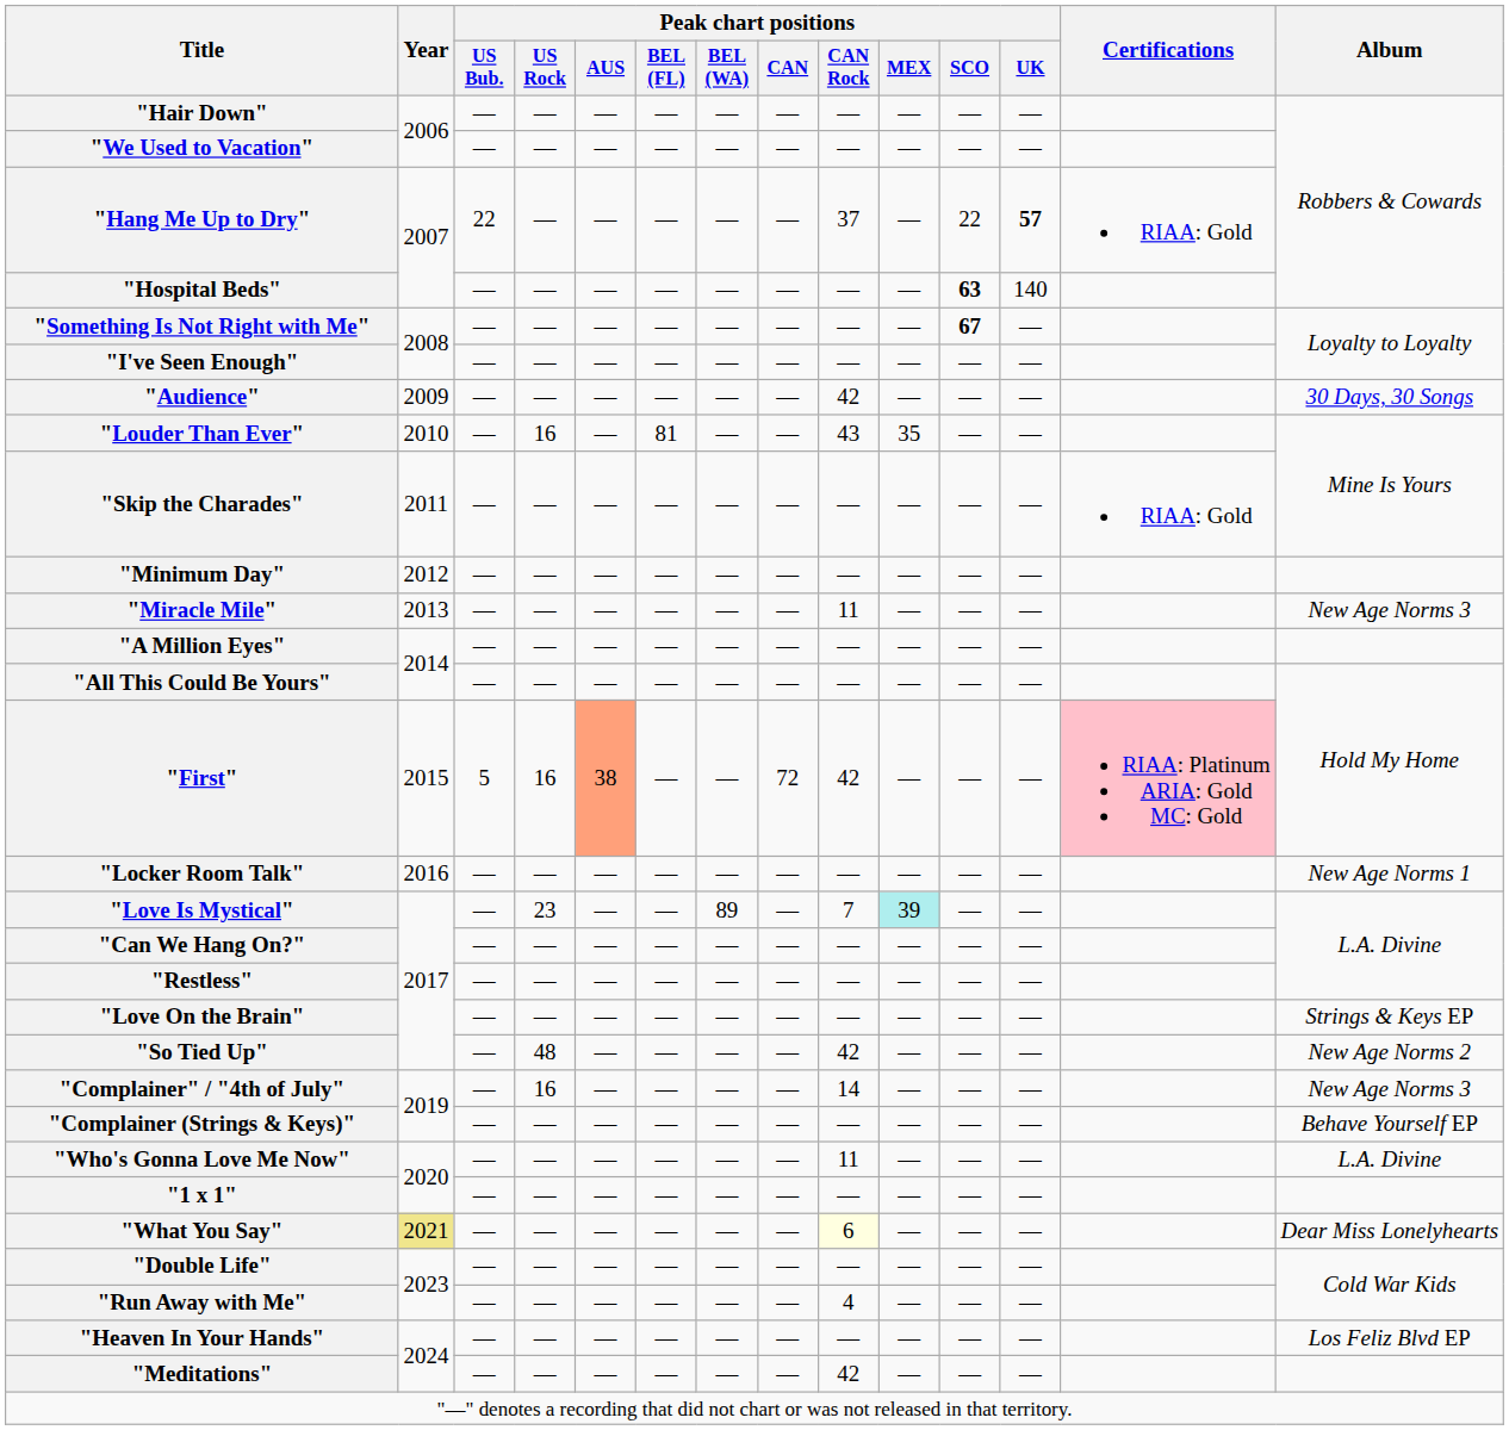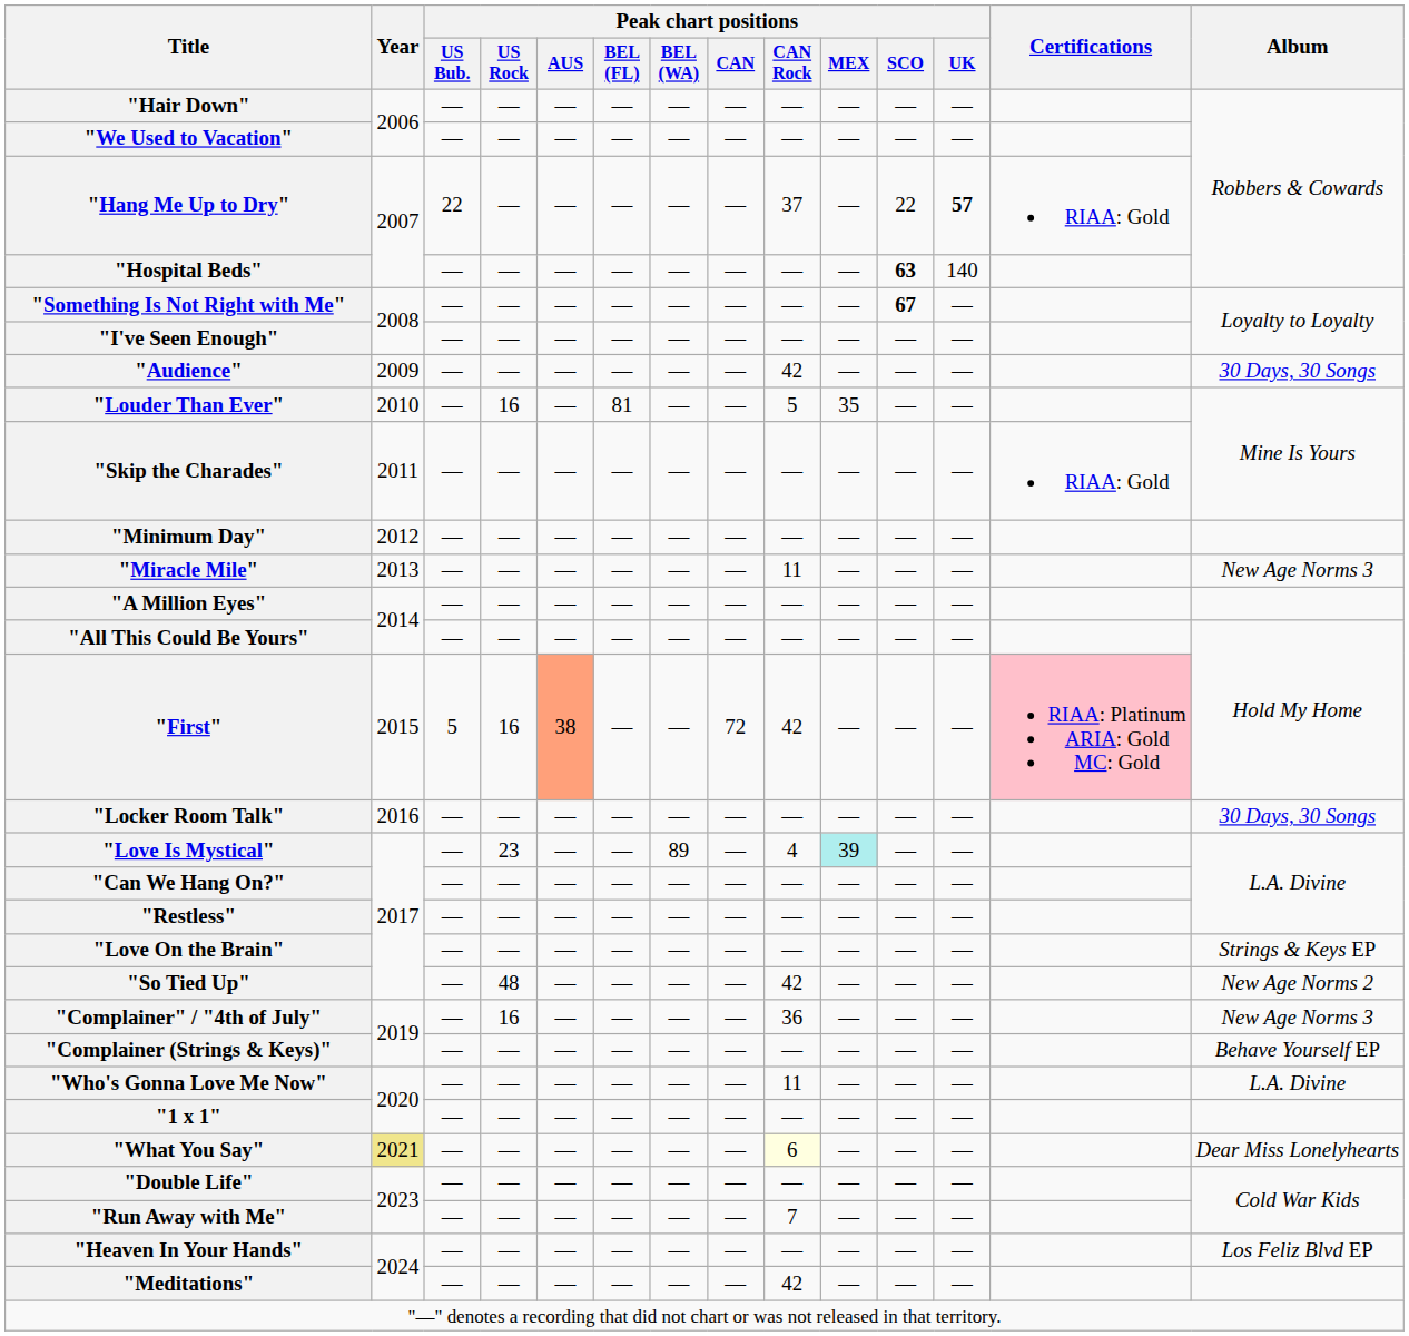 <table class="wikitable plainrowheaders" style="text-align:center;">
 <tr>
 <th scope="col" rowspan="2" style="width:17em;">Title</th>
 <th scope="col" rowspan="2">Year</th>
 <th scope="col" colspan="10">Peak chart positions</th>
 <th scope="col" rowspan="2"><a href='#'>Certifications</a></th>
 <th scope="col" rowspan="2">Album</th>
 </tr>
 <tr>
 <th scope="col" style="width:2.7em;font-size:85%;"><a href='#'>US<br>Bub.</a><br></th>
 <th scope="col" style="width:2.7em;font-size:85%;"><a href='#'>US<br>Rock</a><br></th>
 <th scope="col" style="width:2.7em;font-size:85%;"><a href='#'>AUS</a><br></th>
 <th scope="col" style="width:2.7em;font-size:85%;"><a href='#'>BEL<br>(FL)</a><br></th>
 <th scope="col" style="width:2.7em;font-size:85%;"><a href='#'>BEL<br>(WA)</a><br></th>
 <th scope="col" style="width:2.7em;font-size:85%;"><a href='#'>CAN</a><br></th>
 <th scope="col" style="width:2.7em;font-size:85%;"><a href='#'>CAN<br>Rock</a><br></th>
 <th scope="col" style="width:2.7em;font-size:85%;"><a href='#'>MEX</a><br></th>
 <th scope="col" style="width:2.7em;font-size:85%;"><a href='#'>SCO</a><br></th>
 <th scope="col" style="width:2.7em;font-size:85%;"><a href='#'>UK</a><br></th>
 </tr>
 <tr>
 <th scope="row">"Hair Down"</th>
 <td rowspan="2">2006</td>
 <td>—</td>
 <td>—</td>
 <td>—</td>
 <td>—</td>
 <td>—</td>
 <td>—</td>
 <td>—</td>
 <td>—</td>
 <td>—</td>
 <td>—</td>
 <td></td>
 <td rowspan="4"><em>Robbers & Cowards</em></td>
 </tr>
 <tr>
 <th scope="row">"<a href='#'>We Used to Vacation</a>"</th>
 <td>—</td>
 <td>—</td>
 <td>—</td>
 <td>—</td>
 <td>—</td>
 <td>—</td>
 <td>—</td>
 <td>—</td>
 <td>—</td>
 <td>—</td>
 <td></td>
 </tr>
 <tr>
 <th scope="row">"<a href='#'>Hang Me Up to Dry</a>"</th>
 <td rowspan="2">2007</td>
 <td>22</td>
 <td>—</td>
 <td>—</td>
 <td>—</td>
 <td>—</td>
 <td>—</td>
 <td>37</td>
 <td>—</td>
 <td>22</td>
 <td><strong>57</strong></td>
 <td><br><ul><li><a href='#'>RIAA</a>: Gold</li></ul></td>
 </tr>
 <tr>
 <th scope="row">"Hospital Beds"</th>
 <td>—</td>
 <td>—</td>
 <td>—</td>
 <td>—</td>
 <td>—</td>
 <td>—</td>
 <td>—</td>
 <td>—</td>
 <td><strong>63</strong></td>
 <td>140</td>
 <td></td>
 </tr>
 <tr>
 <th scope="row">"<a href='#'>Something Is Not Right with Me</a>"</th>
 <td rowspan="2">2008</td>
 <td>—</td>
 <td>—</td>
 <td>—</td>
 <td>—</td>
 <td>—</td>
 <td>—</td>
 <td>—</td>
 <td>—</td>
 <td><strong>67</strong></td>
 <td>—</td>
 <td></td>
 <td rowspan="2"><em>Loyalty to Loyalty</em></td>
 </tr>
 <tr>
 <th scope="row">"I've Seen Enough"</th>
 <td>—</td>
 <td>—</td>
 <td>—</td>
 <td>—</td>
 <td>—</td>
 <td>—</td>
 <td>—</td>
 <td>—</td>
 <td>—</td>
 <td>—</td>
 <td></td>
 </tr>
 <tr>
 <th scope="row">"<a href='#'>Audience</a>"</th>
 <td>2009</td>
 <td>—</td>
 <td>—</td>
 <td>—</td>
 <td>—</td>
 <td>—</td>
 <td>—</td>
 <td>42</td>
 <td>—</td>
 <td>—</td>
 <td>—</td>
 <td></td>
 <td><em><a href='#'>30 Days, 30 Songs</a></em></td>
 </tr>
 <tr>
 <th scope="row">"<a href='#'>Louder Than Ever</a>"</th>
 <td>2010</td>
 <td>—</td>
 <td>16</td>
 <td>—</td>
 <td>81</td>
 <td>—</td>
 <td>—</td>
-<td>43</td>
+<td>5</td>
 <td>35</td>
 <td>—</td>
 <td>—</td>
 <td></td>
 <td rowspan="2"><em>Mine Is Yours</em></td>
 </tr>
 <tr>
 <th scope="row">"Skip the Charades"</th>
 <td>2011</td>
 <td>—</td>
 <td>—</td>
 <td>—</td>
 <td>—</td>
 <td>—</td>
 <td>—</td>
 <td>—</td>
 <td>—</td>
 <td>—</td>
 <td>—</td>
 <td><br><ul><li><a href='#'>RIAA</a>: Gold</li></ul></td>
 </tr>
 <tr>
 <th scope="row">"Minimum Day"</th>
 <td>2012</td>
 <td>—</td>
 <td>—</td>
 <td>—</td>
 <td>—</td>
 <td>—</td>
 <td>—</td>
 <td>—</td>
 <td>—</td>
 <td>—</td>
 <td>—</td>
 <td></td>
 <td></td>
 </tr>
 <tr>
 <th scope="row">"<a href='#'>Miracle Mile</a>"</th>
 <td>2013</td>
 <td>—</td>
 <td>—</td>
 <td>—</td>
 <td>—</td>
 <td>—</td>
 <td>—</td>
 <td>11</td>
 <td>—</td>
 <td>—</td>
 <td>—</td>
 <td></td>
 <td><em>New Age Norms 3</em></td>
 </tr>
 <tr>
 <th scope="row">"A Million Eyes"</th>
 <td rowspan="2">2014</td>
 <td>—</td>
 <td>—</td>
 <td>—</td>
 <td>—</td>
 <td>—</td>
 <td>—</td>
 <td>—</td>
 <td>—</td>
 <td>—</td>
 <td>—</td>
 <td></td>
 <td></td>
 </tr>
 <tr>
 <th scope="row">"All This Could Be Yours"</th>
 <td>—</td>
 <td>—</td>
 <td>—</td>
 <td>—</td>
 <td>—</td>
 <td>—</td>
 <td>—</td>
 <td>—</td>
 <td>—</td>
 <td>—</td>
 <td></td>
 <td rowspan="2"><em>Hold My Home</em></td>
 </tr>
 <tr>
 <th scope="row">"<a href='#'>First</a>"</th>
 <td>2015</td>
 <td>5</td>
 <td>16</td>
 <td style="background: lightsalmon;">38</td>
 <td>—</td>
 <td>—</td>
 <td>72</td>
 <td>42</td>
 <td>—</td>
 <td>—</td>
 <td>—</td>
 <td style="background: pink;"><br><ul><li><a href='#'>RIAA</a>: Platinum</li><li><a href='#'>ARIA</a>: Gold</li><li><a href='#'>MC</a>: Gold</li></ul></td>
 </tr>
 <tr>
 <th scope="row">"Locker Room Talk"</th>
 <td>2016</td>
 <td>—</td>
 <td>—</td>
 <td>—</td>
 <td>—</td>
 <td>—</td>
 <td>—</td>
 <td>—</td>
 <td>—</td>
 <td>—</td>
 <td>—</td>
 <td></td>
-<td><em>New Age Norms 1</em></td>
+<td><em><a href='#'>30 Days, 30 Songs</a></em></td>
 </tr>
 <tr>
 <th scope="row">"<a href='#'>Love Is Mystical</a>"</th>
 <td rowspan="5">2017</td>
 <td>—</td>
 <td>23</td>
 <td>—</td>
 <td>—</td>
 <td>89</td>
 <td>—</td>
-<td>7</td>
+<td>4</td>
 <td style="background: paleturquoise;">39</td>
 <td>—</td>
 <td>—</td>
 <td></td>
 <td rowspan="3"><em>L.A. Divine</em></td>
 </tr>
 <tr>
 <th scope="row">"Can We Hang On?"</th>
 <td>—</td>
 <td>—</td>
 <td>—</td>
 <td>—</td>
 <td>—</td>
 <td>—</td>
 <td>—</td>
 <td>—</td>
 <td>—</td>
 <td>—</td>
 <td></td>
 </tr>
 <tr>
 <th scope="row">"Restless"</th>
 <td>—</td>
 <td>—</td>
 <td>—</td>
 <td>—</td>
 <td>—</td>
 <td>—</td>
 <td>—</td>
 <td>—</td>
 <td>—</td>
 <td>—</td>
 <td></td>
 </tr>
 <tr>
 <th scope="row">"Love On the Brain"<br></th>
 <td>—</td>
 <td>—</td>
 <td>—</td>
 <td>—</td>
 <td>—</td>
 <td>—</td>
 <td>—</td>
 <td>—</td>
 <td>—</td>
 <td>—</td>
 <td></td>
 <td><em>Strings & Keys</em> EP</td>
 </tr>
 <tr>
 <th scope="row">"So Tied Up"<br></th>
 <td>—</td>
 <td>48</td>
 <td>—</td>
 <td>—</td>
 <td>—</td>
 <td>—</td>
 <td>42</td>
 <td>—</td>
 <td>—</td>
 <td>—</td>
 <td></td>
 <td><em>New Age Norms 2</em></td>
 </tr>
 <tr>
 <th scope="row">"Complainer" / "4th of July"</th>
 <td rowspan="2">2019</td>
 <td>—</td>
 <td>16</td>
 <td>—</td>
 <td>—</td>
 <td>—</td>
 <td>—</td>
-<td>14</td>
+<td>36</td>
 <td>—</td>
 <td>—</td>
 <td>—</td>
 <td></td>
 <td><em>New Age Norms 3</em></td>
 </tr>
 <tr>
 <th scope="row">"Complainer (Strings & Keys)"</th>
 <td>—</td>
 <td>—</td>
 <td>—</td>
 <td>—</td>
 <td>—</td>
 <td>—</td>
 <td>—</td>
 <td>—</td>
 <td>—</td>
 <td>—</td>
 <td></td>
 <td><em>Behave Yourself</em> EP</td>
 </tr>
 <tr>
 <th scope="row">"Who's Gonna Love Me Now"</th>
 <td rowspan="2">2020</td>
 <td>—</td>
 <td>—</td>
 <td>—</td>
 <td>—</td>
 <td>—</td>
 <td>—</td>
 <td>11</td>
 <td>—</td>
 <td>—</td>
 <td>—</td>
 <td></td>
 <td><em>L.A. Divine</em></td>
 </tr>
 <tr>
 <th scope="row">"1 x 1"<br></th>
 <td>—</td>
 <td>—</td>
 <td>—</td>
 <td>—</td>
 <td>—</td>
 <td>—</td>
 <td>—</td>
 <td>—</td>
 <td>—</td>
 <td>—</td>
 <td></td>
 <td></td>
 </tr>
 <tr>
 <th scope="row">"What You Say"<br></th>
 <td style="background: khaki;">2021</td>
 <td>—</td>
 <td>—</td>
 <td>—</td>
 <td>—</td>
 <td>—</td>
 <td>—</td>
 <td style="background: lightyellow;">6</td>
 <td>—</td>
 <td>—</td>
 <td>—</td>
 <td></td>
 <td><em>Dear Miss Lonelyhearts</em></td>
 </tr>
 <tr>
 <th scope="row">"Double Life"</th>
 <td rowspan="2">2023</td>
 <td>—</td>
 <td>—</td>
 <td>—</td>
 <td>—</td>
 <td>—</td>
 <td>—</td>
 <td>—</td>
 <td>—</td>
 <td>—</td>
 <td>—</td>
 <td></td>
 <td rowspan="2"><em>Cold War Kids</em></td>
 </tr>
 <tr>
 <th scope="row">"Run Away with Me"</th>
 <td>—</td>
 <td>—</td>
 <td>—</td>
 <td>—</td>
 <td>—</td>
 <td>—</td>
-<td>4</td>
+<td>7</td>
 <td>—</td>
 <td>—</td>
 <td>—</td>
 <td></td>
 </tr>
 <tr>
 <th scope="row">"Heaven In Your Hands"</th>
 <td rowspan="2">2024</td>
 <td>—</td>
 <td>—</td>
 <td>—</td>
 <td>—</td>
 <td>—</td>
 <td>—</td>
 <td>—</td>
 <td>—</td>
 <td>—</td>
 <td>—</td>
 <td></td>
 <td><em>Los Feliz Blvd</em> EP</td>
 </tr>
 <tr>
 <th scope="row">"Meditations"</th>
 <td>—</td>
 <td>—</td>
 <td>—</td>
 <td>—</td>
 <td>—</td>
 <td>—</td>
 <td>42</td>
 <td>—</td>
 <td>—</td>
 <td>—</td>
 <td></td>
 </tr>
 <tr>
 <td colspan="14" style="font-size:90%">"—" denotes a recording that did not chart or was not released in that territory.</td>
 </tr>
 </table>
